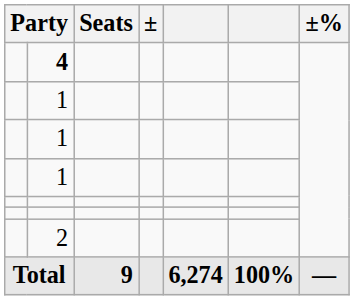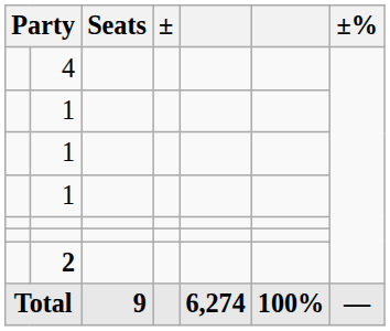 <table class=wikitable>
 <tr>
 <th colspan=2 align=center>Party</th>
 <th>Seats</th>
 <th>±</th>
 <th></th>
 <th></th>
 <th>±%</th>
 </tr>
 <tr>
 <td></td>
-<td align=right><strong>4</strong></td>
+<td align=right>4</td>
 <td align=right></td>
 <td align=right></td>
 <td align=right></td>
 <td align=right></td>
 </tr>
 <tr>
 <td></td>
 <td align=right>1</td>
 <td align=right></td>
 <td align=right></td>
 <td align=right></td>
 <td align=right></td>
 </tr>
 <tr>
 <td></td>
 <td align=right>1</td>
 <td align=right></td>
 <td align=right></td>
 <td align=right></td>
 <td align=right></td>
 </tr>
 <tr>
 <td></td>
 <td align=right>1</td>
 <td align=right></td>
 <td align=right></td>
 <td align=right></td>
 <td align=right></td>
 </tr>
 <tr>
 <td></td>
 <td align=right></td>
 <td align=right></td>
 <td align=right></td>
 <td align=right></td>
 <td align=right></td>
 </tr>
 <tr>
 <td></td>
 <td align=right></td>
 <td align=right></td>
 <td align=right></td>
 <td align=right></td>
 <td align=right></td>
 </tr>
 <tr>
 <td></td>
-<td align=right>2</td>
+<td align=right><strong>2</strong></td>
 <td align=right></td>
 <td align=right></td>
 <td align=right></td>
 <td align=right></td>
 </tr>
 <tr style="font-weight:bold; background:rgb(232,232,232);">
 <td colspan=2 align=center>Total</td>
 <td align=right>9</td>
 <td align=center></td>
 <td align=right>6,274</td>
 <td align=center>100%</td>
 <td align=center>—</td>
 </tr>
 </table>
